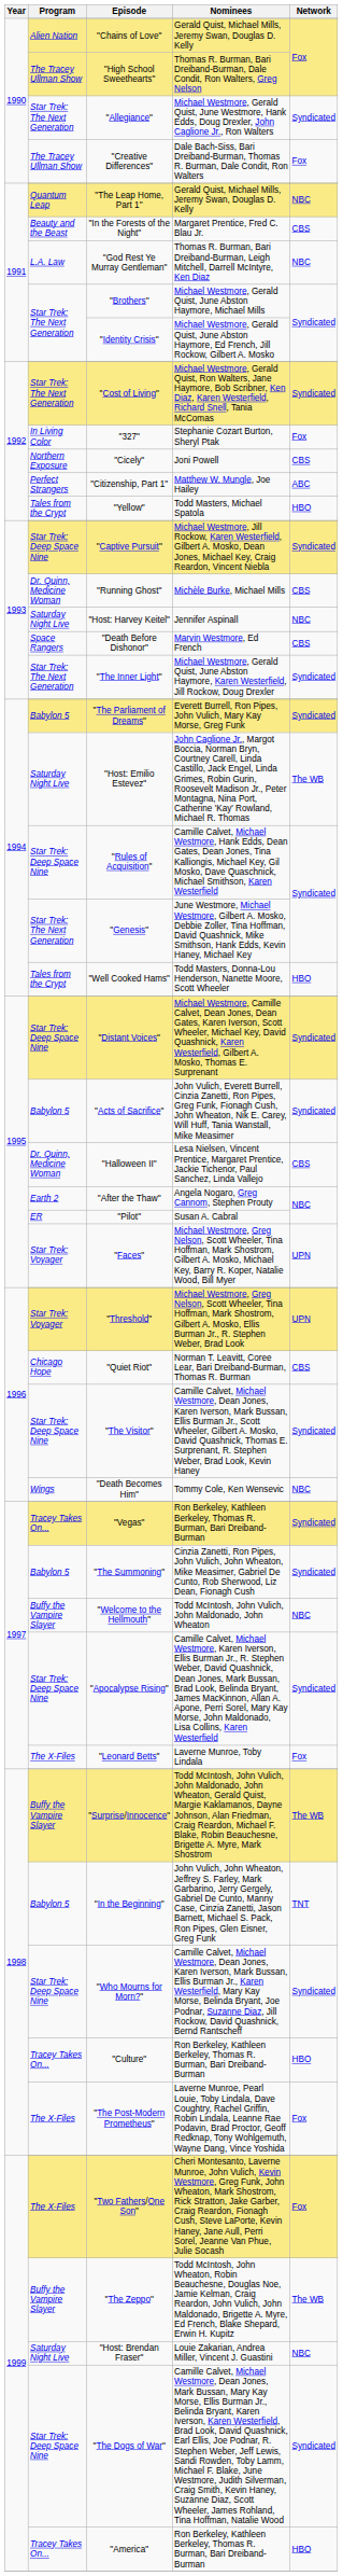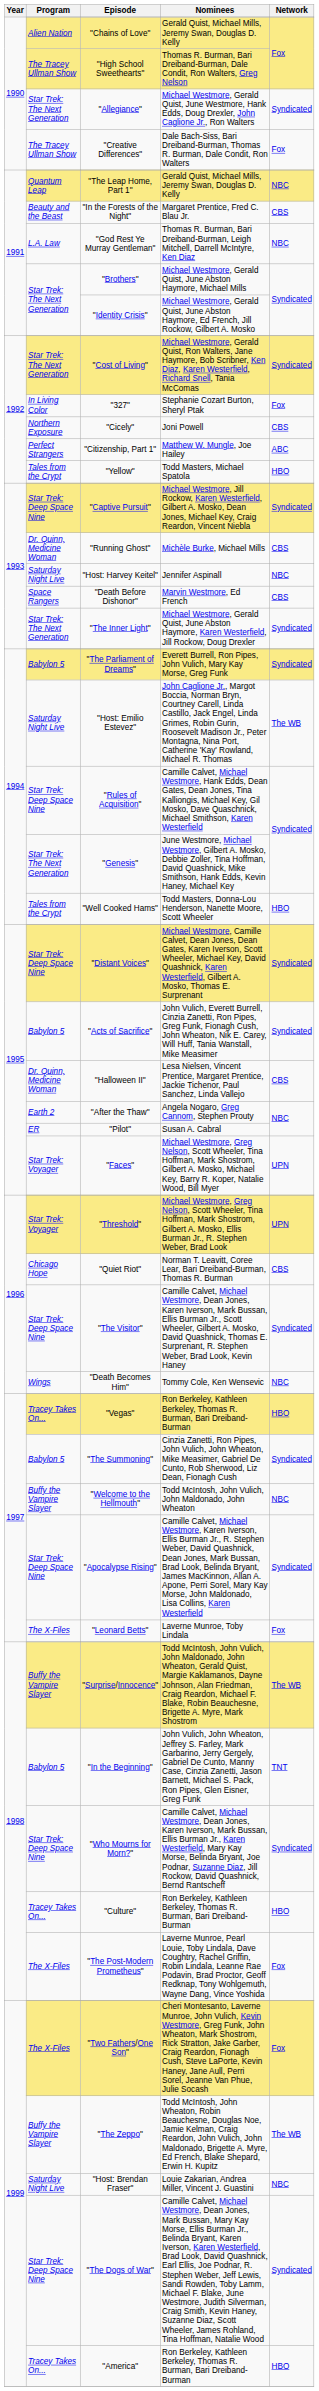 <table class="wikitable">
 <tr>
 <th width="5%">Year</th>
 <th width="20%">Program</th>
 <th width="20%">Episode</th>
 <th width="50%">Nominees</th>
 <th width="5%">Network</th>
 </tr>
 <tr>
 <td rowspan="5" style="text-align:center;"><a href='#'>1990</a><br></td>
 </tr>
 <tr style="background:#FAEB86;">
 <td><em><a href='#'>Alien Nation</a></em></td>
 <td align=center>"Chains of Love"</td>
 <td>Gerald Quist, Michael Mills, Jeremy Swan, Douglas D. Kelly</td>
 <td rowspan=2><a href='#'>Fox</a></td>
 </tr>
 <tr style="background:#FAEB86;">
 <td><em><a href='#'>The Tracey Ullman Show</a></em></td>
 <td align=center>"High School Sweethearts"</td>
 <td>Thomas R. Burman, Bari Dreiband-Burman, Dale Condit, Ron Walters, <a href='#'>Greg Nelson</a></td>
 </tr>
 <tr>
 <td><em><a href='#'>Star Trek: The Next Generation</a></em></td>
 <td align=center>"<a href='#'>Allegiance</a>"</td>
 <td><a href='#'>Michael Westmore</a>, Gerald Quist, June Westmore, Hank Edds, Doug Drexler, <a href='#'>John Caglione Jr.</a>, Ron Walters</td>
 <td><a href='#'>Syndicated</a></td>
 </tr>
 <tr>
 <td><em><a href='#'>The Tracey Ullman Show</a></em></td>
 <td align=center>"Creative Differences"</td>
 <td>Dale Bach-Siss, Bari Dreiband-Burman, Thomas R. Burman, Dale Condit, Ron Walters</td>
 <td><a href='#'>Fox</a></td>
 </tr>
 <tr>
 <td rowspan="6" style="text-align:center;"><a href='#'>1991</a><br></td>
 </tr>
 <tr style="background:#FAEB86;">
 <td><em><a href='#'>Quantum Leap</a></em></td>
 <td align=center>"The Leap Home, Part 1"</td>
 <td>Gerald Quist, Michael Mills, Jeremy Swan, Douglas D. Kelly</td>
 <td><a href='#'>NBC</a></td>
 </tr>
 <tr>
 <td><em><a href='#'>Beauty and the Beast</a></em></td>
 <td align=center>"In the Forests of the Night"</td>
 <td>Margaret Prentice, Fred C. Blau Jr.</td>
 <td><a href='#'>CBS</a></td>
 </tr>
 <tr>
 <td><em><a href='#'>L.A. Law</a></em></td>
 <td align=center>"God Rest Ye Murray Gentleman"</td>
 <td>Thomas R. Burman, Bari Dreiband-Burman, Leigh Mitchell, Darrell McIntyre, <a href='#'>Ken Diaz</a></td>
 <td><a href='#'>NBC</a></td>
 </tr>
 <tr>
 <td rowspan=2><em><a href='#'>Star Trek: The Next Generation</a></em></td>
 <td align=center>"<a href='#'>Brothers</a>"</td>
 <td><a href='#'>Michael Westmore</a>, Gerald Quist, June Abston Haymore, Michael Mills</td>
 <td rowspan=2><a href='#'>Syndicated</a></td>
 </tr>
 <tr>
 <td align=center>"<a href='#'>Identity Crisis</a>"</td>
 <td><a href='#'>Michael Westmore</a>, Gerald Quist, June Abston Haymore, Ed French, Jill Rockow, Gilbert A. Mosko</td>
 </tr>
 <tr>
 <td rowspan="6" style="text-align:center;"><a href='#'>1992</a><br></td>
 </tr>
 <tr style="background:#FAEB86;">
 <td><em><a href='#'>Star Trek: The Next Generation</a></em></td>
 <td align=center>"<a href='#'>Cost of Living</a>"</td>
 <td><a href='#'>Michael Westmore</a>, Gerald Quist, Ron Walters, Jane Haymore, Bob Scribner, <a href='#'>Ken Diaz</a>, <a href='#'>Karen Westerfield</a>, <a href='#'>Richard Snell</a>, Tania McComas</td>
 <td><a href='#'>Syndicated</a></td>
 </tr>
 <tr>
 <td><em><a href='#'>In Living Color</a></em></td>
 <td align=center>"327"</td>
 <td>Stephanie Cozart Burton, Sheryl Ptak</td>
 <td><a href='#'>Fox</a></td>
 </tr>
 <tr>
 <td><em><a href='#'>Northern Exposure</a></em></td>
 <td align=center>"Cicely"</td>
 <td>Joni Powell</td>
 <td><a href='#'>CBS</a></td>
 </tr>
 <tr>
 <td><em><a href='#'>Perfect Strangers</a></em></td>
 <td align=center>"Citizenship, Part 1"</td>
 <td><a href='#'>Matthew W. Mungle</a>, Joe Hailey</td>
 <td><a href='#'>ABC</a></td>
 </tr>
 <tr>
 <td><em><a href='#'>Tales from the Crypt</a></em></td>
 <td align=center>"Yellow"</td>
 <td>Todd Masters, Michael Spatola</td>
 <td><a href='#'>HBO</a></td>
 </tr>
 <tr>
 <td rowspan="6" style="text-align:center;"><a href='#'>1993</a><br></td>
 </tr>
 <tr style="background:#FAEB86;">
 <td><em><a href='#'>Star Trek: Deep Space Nine</a></em></td>
 <td align=center>"<a href='#'>Captive Pursuit</a>"</td>
 <td><a href='#'>Michael Westmore</a>, Jill Rockow, <a href='#'>Karen Westerfield</a>, Gilbert A. Mosko, Dean Jones, Michael Key, Craig Reardon, Vincent Niebla</td>
 <td><a href='#'>Syndicated</a></td>
 </tr>
 <tr>
 <td><em><a href='#'>Dr. Quinn, Medicine Woman</a></em></td>
 <td align=center>"Running Ghost"</td>
 <td><a href='#'>Michèle Burke</a>, Michael Mills</td>
 <td><a href='#'>CBS</a></td>
 </tr>
 <tr>
 <td><em><a href='#'>Saturday Night Live</a></em></td>
 <td align=center>"Host: Harvey Keitel"</td>
 <td>Jennifer Aspinall</td>
 <td><a href='#'>NBC</a></td>
 </tr>
 <tr>
 <td><em><a href='#'>Space Rangers</a></em></td>
 <td align=center>"Death Before Dishonor"</td>
 <td><a href='#'>Marvin Westmore</a>, Ed French</td>
 <td><a href='#'>CBS</a></td>
 </tr>
 <tr>
 <td><em><a href='#'>Star Trek: The Next Generation</a></em></td>
 <td align=center>"<a href='#'>The Inner Light</a>"</td>
 <td><a href='#'>Michael Westmore</a>, Gerald Quist, June Abston Haymore, <a href='#'>Karen Westerfield</a>, Jill Rockow, Doug Drexler</td>
 <td><a href='#'>Syndicated</a></td>
 </tr>
 <tr>
 <td rowspan="6" style="text-align:center;"><a href='#'>1994</a><br></td>
 </tr>
 <tr style="background:#FAEB86;">
 <td><em><a href='#'>Babylon 5</a></em></td>
 <td align=center>"<a href='#'>The Parliament of Dreams</a>"</td>
 <td>Everett Burrell, Ron Pipes, John Vulich, Mary Kay Morse, Greg Funk</td>
 <td><a href='#'>Syndicated</a></td>
 </tr>
 <tr>
 <td><em><a href='#'>Saturday Night Live</a></em></td>
 <td align=center>"Host: Emilio Estevez"</td>
 <td><a href='#'>John Caglione Jr.</a>, Margot Boccia, Norman Bryn, Courtney Carell, Linda Castillo, Jack Engel, Linda Grimes, Robin Gurin, Roosevelt Madison Jr., Peter Montagna, Nina Port, Catherine 'Kay' Rowland, Michael R. Thomas</td>
 <td><a href='#'>The WB</a></td>
 </tr>
 <tr>
 <td><em><a href='#'>Star Trek: Deep Space Nine</a></em></td>
 <td align=center>"<a href='#'>Rules of Acquisition</a>"</td>
 <td>Camille Calvet, <a href='#'>Michael Westmore</a>, Hank Edds, Dean Gates, Dean Jones, Tina Kalliongis, Michael Key, Gil Mosko, Dave Quaschnick, Michael Smithson, <a href='#'>Karen Westerfield</a></td>
 <td rowspan=2><a href='#'>Syndicated</a></td>
 </tr>
 <tr>
 <td><em><a href='#'>Star Trek: The Next Generation</a></em></td>
 <td align=center>"<a href='#'>Genesis</a>"</td>
 <td>June Westmore, <a href='#'>Michael Westmore</a>, Gilbert A. Mosko, Debbie Zoller, Tina Hoffman, David Quashnick, Mike Smithson, Hank Edds, Kevin Haney, Michael Key</td>
 </tr>
 <tr>
 <td><em><a href='#'>Tales from the Crypt</a></em></td>
 <td align=center>"Well Cooked Hams"</td>
 <td>Todd Masters, Donna-Lou Henderson, Nanette Moore, Scott Wheeler</td>
 <td><a href='#'>HBO</a></td>
 </tr>
 <tr>
 <td rowspan="7" style="text-align:center;"><a href='#'>1995</a><br></td>
 </tr>
 <tr style="background:#FAEB86;">
 <td><em><a href='#'>Star Trek: Deep Space Nine</a></em></td>
 <td align=center>"<a href='#'>Distant Voices</a>"</td>
 <td><a href='#'>Michael Westmore</a>, Camille Calvet, Dean Jones, Dean Gates, Karen Iverson, Scott Wheeler, Michael Key, David Quashnick, <a href='#'>Karen Westerfield</a>, Gilbert A. Mosko, Thomas E. Surprenant</td>
 <td><a href='#'>Syndicated</a></td>
 </tr>
 <tr>
 <td><em><a href='#'>Babylon 5</a></em></td>
 <td align=center>"<a href='#'>Acts of Sacrifice</a>"</td>
 <td>John Vulich, Everett Burrell, Cinzia Zanetti, Ron Pipes, Greg Funk, Fionagh Cush, John Wheaton, Nik E. Carey, Will Huff, Tania Wanstall, Mike Measimer</td>
 <td><a href='#'>Syndicated</a></td>
 </tr>
 <tr>
 <td><em><a href='#'>Dr. Quinn, Medicine Woman</a></em></td>
 <td align=center>"Halloween II"</td>
 <td>Lesa Nielsen, Vincent Prentice, Margaret Prentice, Jackie Tichenor, Paul Sanchez, Linda Vallejo</td>
 <td><a href='#'>CBS</a></td>
 </tr>
 <tr>
 <td><em><a href='#'>Earth 2</a></em></td>
 <td align=center>"After the Thaw"</td>
 <td>Angela Nogaro, <a href='#'>Greg Cannom</a>, Stephen Prouty</td>
 <td rowspan=2><a href='#'>NBC</a></td>
 </tr>
 <tr>
 <td><em><a href='#'>ER</a></em></td>
 <td align=center>"Pilot"</td>
 <td>Susan A. Cabral</td>
 </tr>
 <tr>
 <td><em><a href='#'>Star Trek: Voyager</a></em></td>
 <td align=center>"<a href='#'>Faces</a>"</td>
 <td><a href='#'>Michael Westmore</a>, <a href='#'>Greg Nelson</a>, Scott Wheeler, Tina Hoffman, Mark Shostrom, Gilbert A. Mosko, Michael Key, Barry R. Koper, Natalie Wood, Bill Myer</td>
 <td><a href='#'>UPN</a></td>
 </tr>
 <tr>
 <td rowspan="5" style="text-align:center;"><a href='#'>1996</a><br></td>
 </tr>
 <tr style="background:#FAEB86;">
 <td><em><a href='#'>Star Trek: Voyager</a></em></td>
 <td align=center>"<a href='#'>Threshold</a>"</td>
 <td><a href='#'>Michael Westmore</a>, <a href='#'>Greg Nelson</a>, Scott Wheeler, Tina Hoffman, Mark Shostrom, Gilbert A. Mosko, Ellis Burman Jr., R. Stephen Weber, Brad Look</td>
 <td><a href='#'>UPN</a></td>
 </tr>
 <tr>
 <td><em><a href='#'>Chicago Hope</a></em></td>
 <td align=center>"Quiet Riot"</td>
 <td>Norman T. Leavitt, Coree Lear, Bari Dreiband-Burman, Thomas R. Burman</td>
 <td><a href='#'>CBS</a></td>
 </tr>
 <tr>
 <td><em><a href='#'>Star Trek: Deep Space Nine</a></em></td>
 <td align=center>"<a href='#'>The Visitor</a>"</td>
 <td>Camille Calvet, <a href='#'>Michael Westmore</a>, Dean Jones, Karen Iverson, Mark Bussan, Ellis Burman Jr., Scott Wheeler, Gilbert A. Mosko, David Quashnick, Thomas E. Surprenant, R. Stephen Weber, Brad Look, Kevin Haney</td>
 <td><a href='#'>Syndicated</a></td>
 </tr>
 <tr>
 <td><em><a href='#'>Wings</a></em></td>
 <td align=center>"Death Becomes Him"</td>
 <td>Tommy Cole, Ken Wensevic</td>
 <td><a href='#'>NBC</a></td>
 </tr>
 <tr>
 <td rowspan="6" style="text-align:center;"><a href='#'>1997</a><br></td>
 </tr>
 <tr style="background:#FAEB86;">
 <td><em><a href='#'>Tracey Takes On...</a></em></td>
 <td align=center>"Vegas"</td>
 <td>Ron Berkeley, Kathleen Berkeley, Thomas R. Burman, Bari Dreiband-Burman</td>
-<td><a href='#'>Syndicated</a></td>
+<td><a href='#'>HBO</a></td>
 </tr>
 <tr>
 <td><em><a href='#'>Babylon 5</a></em></td>
 <td align=center>"<a href='#'>The Summoning</a>"</td>
 <td>Cinzia Zanetti, Ron Pipes, John Vulich, John Wheaton, Mike Measimer, Gabriel De Cunto, Rob Sherwood, Liz Dean, Fionagh Cush</td>
 <td><a href='#'>Syndicated</a></td>
 </tr>
 <tr>
 <td><em><a href='#'>Buffy the Vampire Slayer</a></em></td>
 <td align=center>"<a href='#'>Welcome to the Hellmouth</a>"</td>
 <td>Todd McIntosh, John Vulich, John Maldonado, John Wheaton</td>
 <td><a href='#'>NBC</a></td>
 </tr>
 <tr>
 <td><em><a href='#'>Star Trek: Deep Space Nine</a></em></td>
 <td align=center>"<a href='#'>Apocalypse Rising</a>"</td>
 <td>Camille Calvet, <a href='#'>Michael Westmore</a>, Karen Iverson, Ellis Burman Jr., R. Stephen Weber, David Quashnick, Dean Jones, Mark Bussan, Brad Look, Belinda Bryant, James MacKinnon, Allan A. Apone, Perri Sorel, Mary Kay Morse, John Maldonado, Lisa Collins, <a href='#'>Karen Westerfield</a></td>
 <td><a href='#'>Syndicated</a></td>
 </tr>
 <tr>
 <td><em><a href='#'>The X-Files</a></em></td>
 <td align=center>"<a href='#'>Leonard Betts</a>"</td>
 <td>Laverne Munroe, Toby Lindala</td>
 <td><a href='#'>Fox</a></td>
 </tr>
 <tr>
 <td rowspan="6" style="text-align:center;"><a href='#'>1998</a><br></td>
 </tr>
 <tr style="background:#FAEB86;">
 <td><em><a href='#'>Buffy the Vampire Slayer</a></em></td>
 <td align=center>"<a href='#'>Surprise</a>/<a href='#'>Innocence</a>"</td>
 <td>Todd McIntosh, John Vulich, John Maldonado, John Wheaton, Gerald Quist, Margie Kaklamanos, Dayne Johnson, Alan Friedman, Craig Reardon, Michael F. Blake, Robin Beauchesne, Brigette A. Myre, Mark Shostrom</td>
 <td><a href='#'>The WB</a></td>
 </tr>
 <tr>
 <td><em><a href='#'>Babylon 5</a></em></td>
 <td align=center>"<a href='#'>In the Beginning</a>"</td>
 <td>John Vulich, John Wheaton, Jeffrey S. Farley, Mark Garbarino, Jerry Gergely, Gabriel De Cunto, Manny Case, Cinzia Zanetti, Jason Barnett, Michael S. Pack, Ron Pipes, Glen Eisner, Greg Funk</td>
 <td><a href='#'>TNT</a></td>
 </tr>
 <tr>
 <td><em><a href='#'>Star Trek: Deep Space Nine</a></em></td>
 <td align=center>"<a href='#'>Who Mourns for Morn?</a>"</td>
 <td>Camille Calvet, <a href='#'>Michael Westmore</a>, Dean Jones, Karen Iverson, Mark Bussan, Ellis Burman Jr., <a href='#'>Karen Westerfield</a>, Mary Kay Morse, Belinda Bryant, Joe Podnar, <a href='#'>Suzanne Diaz</a>, Jill Rockow, David Quashnick, Bernd Rantscheff</td>
 <td><a href='#'>Syndicated</a></td>
 </tr>
 <tr>
 <td><em><a href='#'>Tracey Takes On...</a></em></td>
 <td align=center>"Culture"</td>
 <td>Ron Berkeley, Kathleen Berkeley, Thomas R. Burman, Bari Dreiband-Burman</td>
 <td><a href='#'>HBO</a></td>
 </tr>
 <tr>
 <td><em><a href='#'>The X-Files</a></em></td>
 <td align=center>"<a href='#'>The Post-Modern Prometheus</a>"</td>
 <td>Laverne Munroe, Pearl Louie, Toby Lindala, Dave Coughtry, Rachel Griffin, Robin Lindala, Leanne Rae Podavin, Brad Proctor, Geoff Redknap, Tony Wohlgemuth, Wayne Dang, Vince Yoshida</td>
 <td><a href='#'>Fox</a></td>
 </tr>
 <tr>
 <td rowspan="6" style="text-align:center;"><a href='#'>1999</a><br></td>
 </tr>
 <tr style="background:#FAEB86;">
 <td><em><a href='#'>The X-Files</a></em></td>
 <td align=center>"<a href='#'>Two Fathers</a>/<a href='#'>One Son</a>"</td>
 <td>Cheri Montesanto, Laverne Munroe, John Vulich, <a href='#'>Kevin Westmore</a>, Greg Funk, John Wheaton, Mark Shostrom, Rick Stratton, Jake Garber, Craig Reardon, Fionagh Cush, Steve LaPorte, Kevin Haney, Jane Aull, Perri Sorel, Jeanne Van Phue, Julie Socash</td>
 <td><a href='#'>Fox</a></td>
 </tr>
 <tr>
 <td><em><a href='#'>Buffy the Vampire Slayer</a></em></td>
 <td align=center>"<a href='#'>The Zeppo</a>"</td>
 <td>Todd McIntosh, John Wheaton, Robin Beauchesne, Douglas Noe, Jamie Kelman, Craig Reardon, John Vulich, John Maldonado, Brigette A. Myre, Ed French, Blake Shepard, Erwin H. Kupitz</td>
 <td><a href='#'>The WB</a></td>
 </tr>
 <tr>
 <td><em><a href='#'>Saturday Night Live</a></em></td>
 <td align=center>"Host: Brendan Fraser"</td>
 <td>Louie Zakarian, Andrea Miller, Vincent J. Guastini</td>
 <td><a href='#'>NBC</a></td>
 </tr>
 <tr>
 <td><em><a href='#'>Star Trek: Deep Space Nine</a></em></td>
 <td align=center>"<a href='#'>The Dogs of War</a>"</td>
 <td>Camille Calvet, <a href='#'>Michael Westmore</a>, Dean Jones, Mark Bussan, Mary Kay Morse, Ellis Burman Jr., Belinda Bryant, Karen Iverson, <a href='#'>Karen Westerfield</a>, Brad Look, David Quashnick, Earl Ellis, Joe Podnar, R. Stephen Weber, Jeff Lewis, Sandi Rowden, Toby Lamm, Michael F. Blake, June Westmore, Judith Silverman, Craig Smith, Kevin Haney, Suzanne Diaz, Scott Wheeler, James Rohland, Tina Hoffman, Natalie Wood</td>
 <td><a href='#'>Syndicated</a></td>
 </tr>
 <tr>
 <td><em><a href='#'>Tracey Takes On...</a></em></td>
 <td align=center>"America"</td>
 <td>Ron Berkeley, Kathleen Berkeley, Thomas R. Burman, Bari Dreiband-Burman</td>
 <td><a href='#'>HBO</a></td>
 </tr>
 <tr>
 </tr>
 </table>
